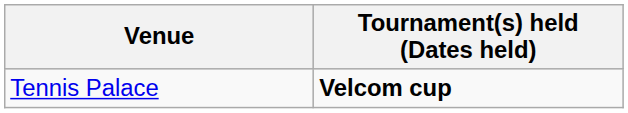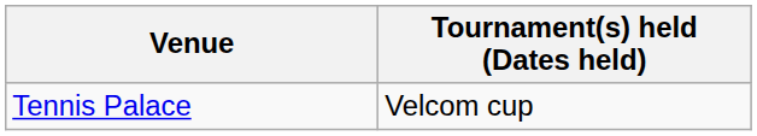 <table class=wikitable>
 <tr>
 <th width=200>Venue</th>
 <th width=200>Tournament(s) held<br>(Dates held)</th>
 </tr>
 <tr>
 <td><a href='#'>Tennis Palace</a></td>
-<td><strong>Velcom cup</strong></td>
+<td>Velcom cup</td>
 </tr>
 </table>
